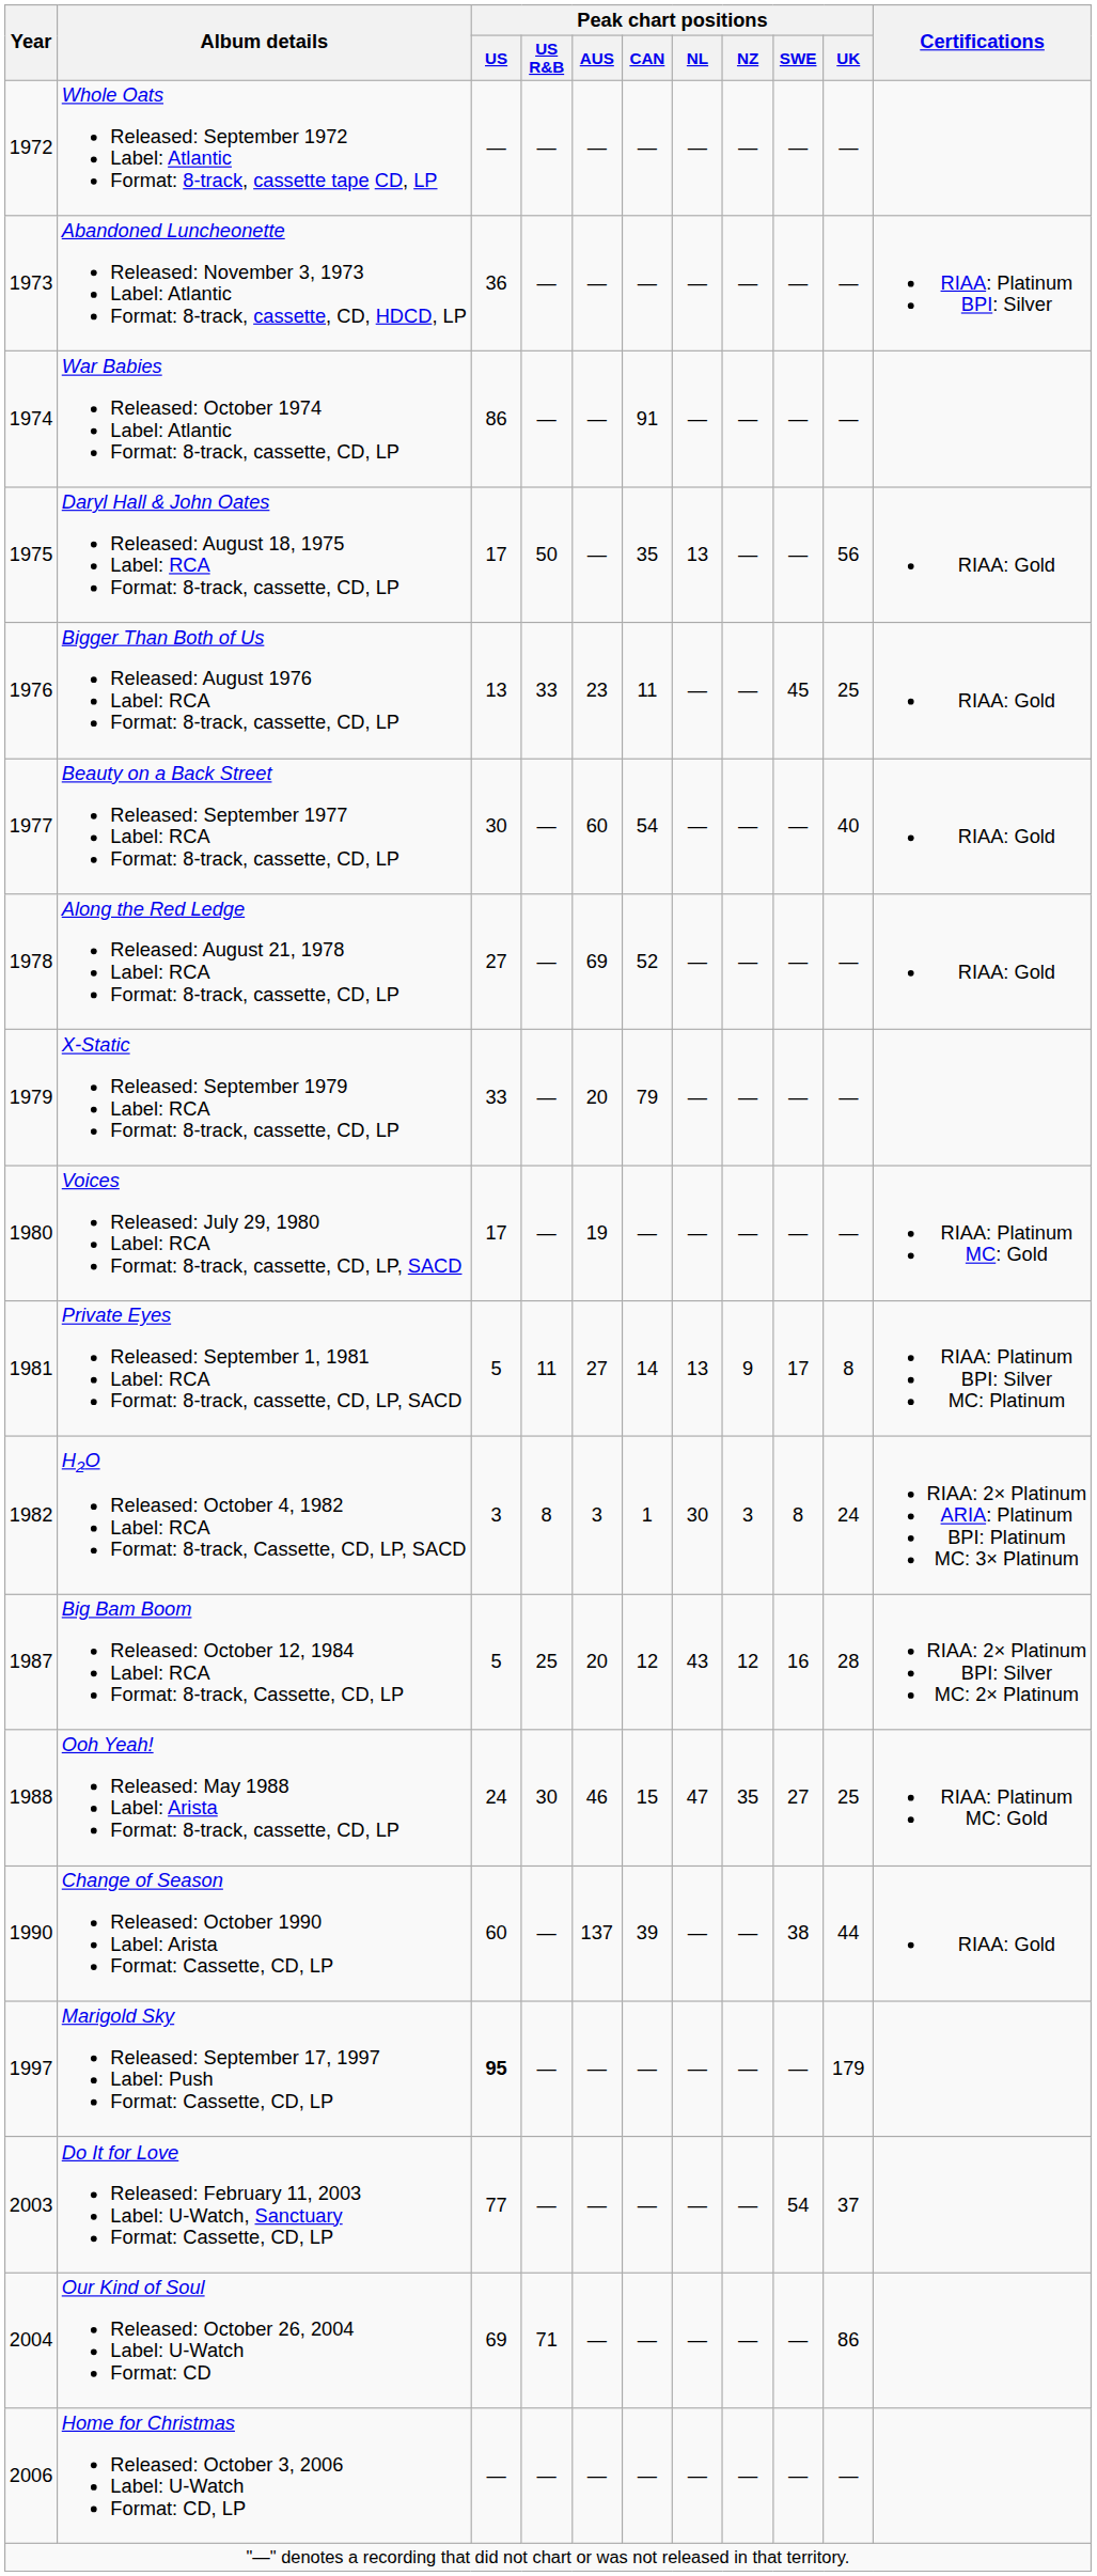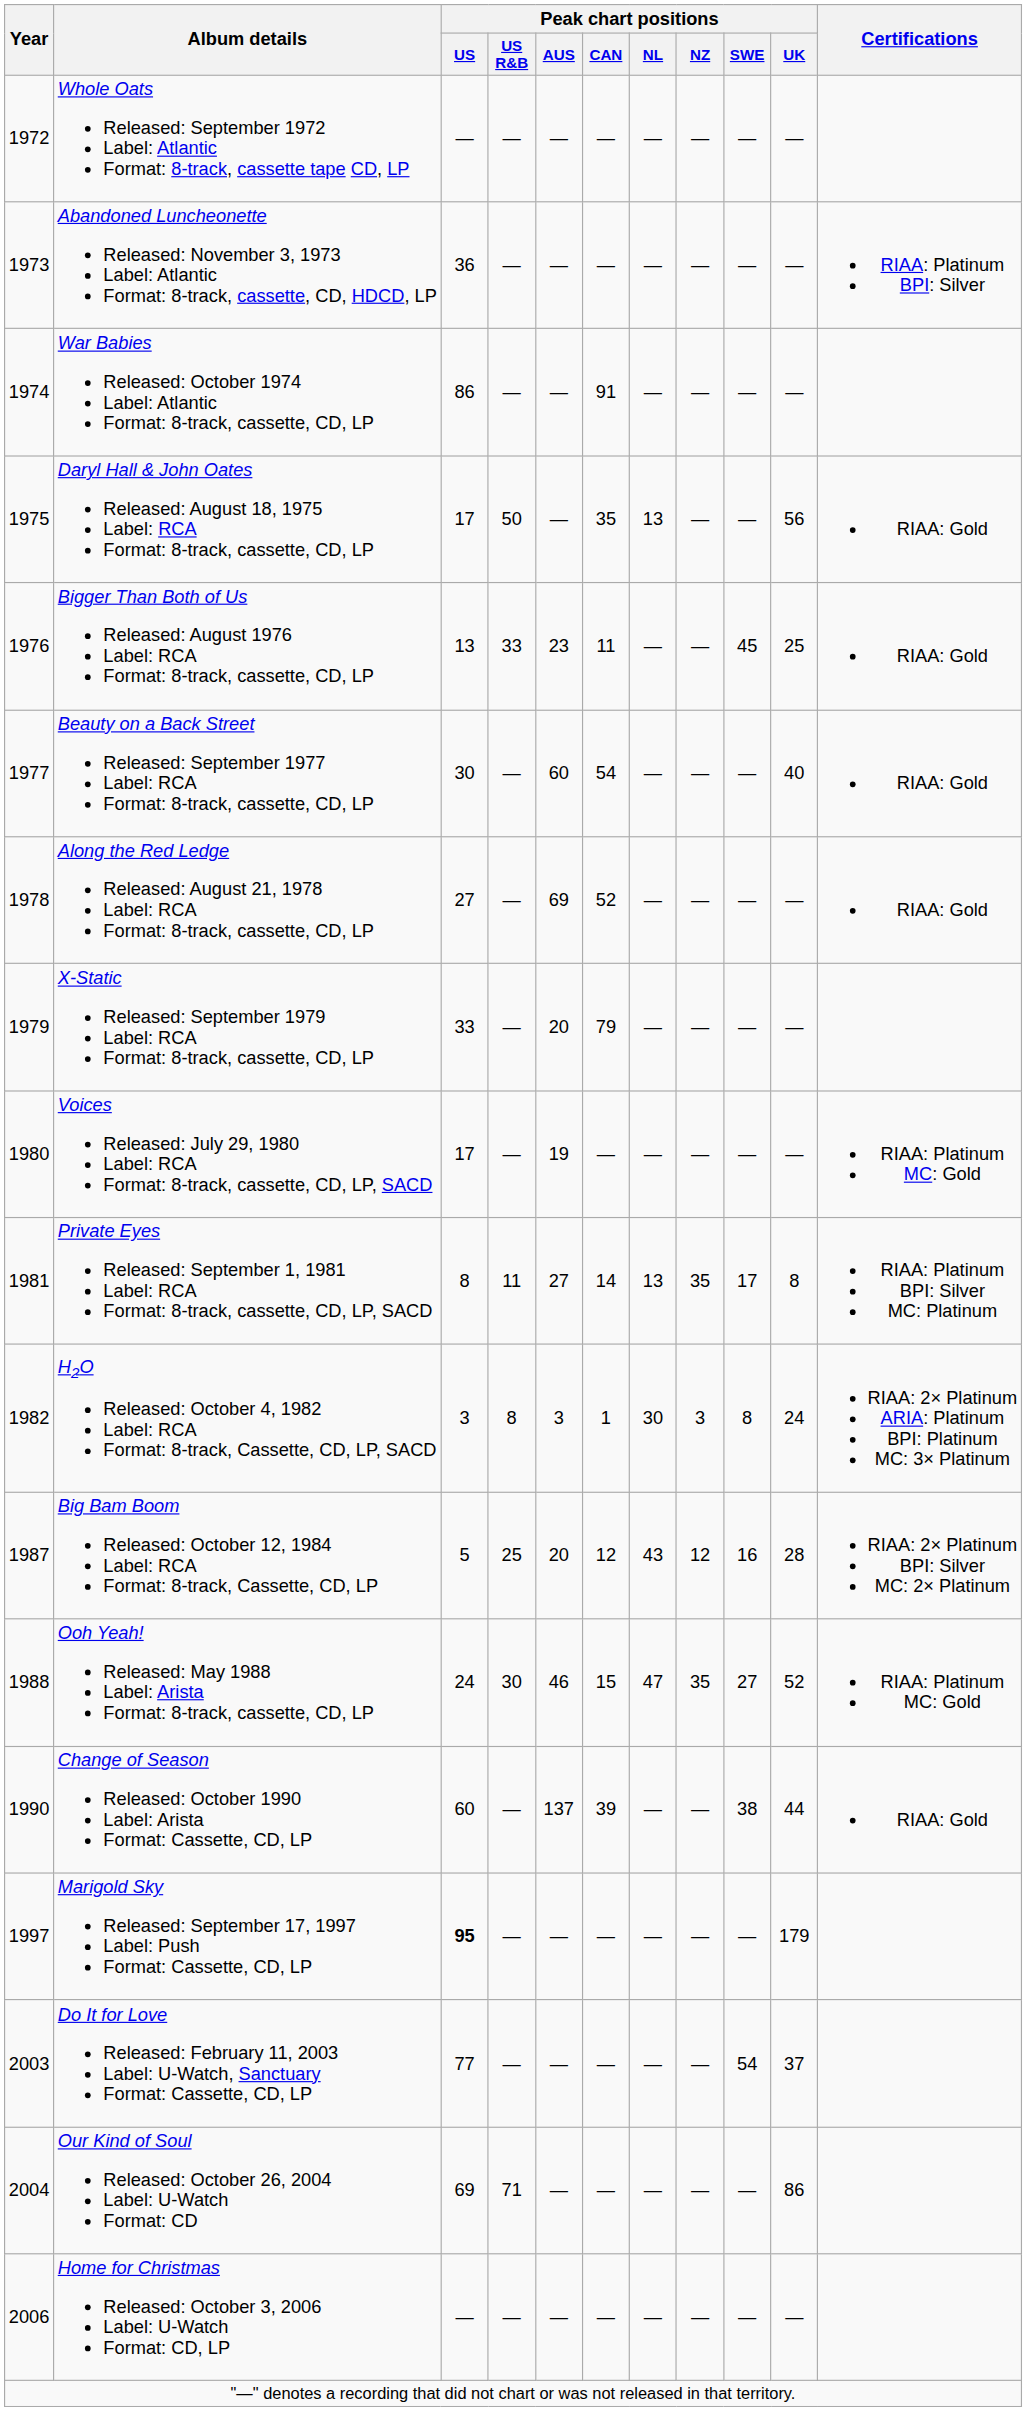 <table class="wikitable" style="text-align:center;">
 <tr>
 <th rowspan="2">Year</th>
 <th rowspan="2">Album details</th>
 <th colspan="8">Peak chart positions</th>
 <th rowspan="2"><a href='#'>Certifications</a></th>
 </tr>
 <tr style="font-size:smaller;">
 <th width="35"><a href='#'>US</a><br></th>
 <th width="35"><a href='#'>US<br>R&B</a><br></th>
 <th width="35"><a href='#'>AUS</a><br></th>
 <th width="35"><a href='#'>CAN</a><br></th>
 <th width="35"><a href='#'>NL</a><br></th>
 <th width="35"><a href='#'>NZ</a><br></th>
 <th width="35"><a href='#'>SWE</a><br></th>
 <th width="35"><a href='#'>UK</a><br></th>
 </tr>
 <tr>
 <td>1972</td>
 <td align="left"><em><a href='#'>Whole Oats</a></em><br><ul><li>Released: September 1972</li><li>Label: <a href='#'>Atlantic</a></li><li>Format: <a href='#'>8-track</a>, <a href='#'>cassette tape</a> <a href='#'>CD</a>, <a href='#'>LP</a></li></ul></td>
 <td>—</td>
 <td>—</td>
 <td>—</td>
 <td>—</td>
 <td>—</td>
 <td>—</td>
 <td>—</td>
 <td>—</td>
 <td></td>
 </tr>
 <tr>
 <td>1973</td>
 <td align="left"><em><a href='#'>Abandoned Luncheonette</a></em><br><ul><li>Released: November 3, 1973</li><li>Label: Atlantic</li><li>Format: 8-track, <a href='#'>cassette</a>, CD, <a href='#'>HDCD</a>, LP</li></ul></td>
 <td>36</td>
 <td>—</td>
 <td>—</td>
 <td>—</td>
 <td>—</td>
 <td>—</td>
 <td>—</td>
 <td>—</td>
 <td><br><ul><li><a href='#'>RIAA</a>: Platinum</li><li><a href='#'>BPI</a>: Silver</li></ul></td>
 </tr>
 <tr>
 <td>1974</td>
 <td align="left"><em><a href='#'>War Babies</a></em><br><ul><li>Released: October 1974</li><li>Label: Atlantic</li><li>Format: 8-track, cassette, CD, LP</li></ul></td>
 <td>86</td>
 <td>—</td>
 <td>—</td>
 <td>91</td>
 <td>—</td>
 <td>—</td>
 <td>—</td>
 <td>—</td>
 <td></td>
 </tr>
 <tr>
 <td>1975</td>
 <td align="left"><em><a href='#'>Daryl Hall & John Oates</a></em><br><ul><li>Released: August 18, 1975</li><li>Label: <a href='#'>RCA</a></li><li>Format: 8-track, cassette, CD, LP</li></ul></td>
 <td>17</td>
 <td>50</td>
 <td>—</td>
 <td>35</td>
 <td>13</td>
 <td>—</td>
 <td>—</td>
 <td>56</td>
 <td><br><ul><li>RIAA: Gold</li></ul></td>
 </tr>
 <tr>
 <td>1976</td>
 <td align="left"><em><a href='#'>Bigger Than Both of Us</a></em><br><ul><li>Released: August 1976</li><li>Label: RCA</li><li>Format: 8-track, cassette, CD, LP</li></ul></td>
 <td>13</td>
 <td>33</td>
 <td>23</td>
 <td>11</td>
 <td>—</td>
 <td>—</td>
 <td>45</td>
 <td>25</td>
 <td><br><ul><li>RIAA: Gold</li></ul></td>
 </tr>
 <tr>
 <td>1977</td>
 <td align="left"><em><a href='#'>Beauty on a Back Street</a></em><br><ul><li>Released: September 1977</li><li>Label: RCA</li><li>Format: 8-track, cassette, CD, LP</li></ul></td>
 <td>30</td>
 <td>—</td>
 <td>60</td>
 <td>54</td>
 <td>—</td>
 <td>—</td>
 <td>—</td>
 <td>40</td>
 <td><br><ul><li>RIAA: Gold</li></ul></td>
 </tr>
 <tr>
 <td>1978</td>
 <td align="left"><em><a href='#'>Along the Red Ledge</a></em><br><ul><li>Released: August 21, 1978</li><li>Label: RCA</li><li>Format: 8-track, cassette, CD, LP</li></ul></td>
 <td>27</td>
 <td>—</td>
 <td>69</td>
 <td>52</td>
 <td>—</td>
 <td>—</td>
 <td>—</td>
 <td>—</td>
 <td><br><ul><li>RIAA: Gold</li></ul></td>
 </tr>
 <tr>
 <td>1979</td>
 <td align="left"><em><a href='#'>X-Static</a></em><br><ul><li>Released: September 1979</li><li>Label: RCA</li><li>Format: 8-track, cassette, CD, LP</li></ul></td>
 <td>33</td>
 <td>—</td>
 <td>20</td>
 <td>79</td>
 <td>—</td>
 <td>—</td>
 <td>—</td>
 <td>—</td>
 <td></td>
 </tr>
 <tr>
 <td>1980</td>
 <td align="left"><em><a href='#'>Voices</a></em><br><ul><li>Released: July 29, 1980</li><li>Label: RCA</li><li>Format: 8-track, cassette, CD, LP, <a href='#'>SACD</a></li></ul></td>
 <td>17</td>
 <td>—</td>
 <td>19</td>
 <td>—</td>
 <td>—</td>
 <td>—</td>
 <td>—</td>
 <td>—</td>
 <td><br><ul><li>RIAA: Platinum</li><li><a href='#'>MC</a>: Gold</li></ul></td>
 </tr>
 <tr>
 <td>1981</td>
 <td align="left"><em><a href='#'>Private Eyes</a></em><br><ul><li>Released: September 1, 1981</li><li>Label: RCA</li><li>Format: 8-track, cassette, CD, LP, SACD</li></ul></td>
-<td>5</td>
+<td>8</td>
 <td>11</td>
 <td>27</td>
 <td>14</td>
 <td>13</td>
-<td>9</td>
+<td>35</td>
 <td>17</td>
 <td>8</td>
 <td><br><ul><li>RIAA: Platinum</li><li>BPI: Silver</li><li>MC: Platinum</li></ul></td>
 </tr>
 <tr>
 <td>1982</td>
 <td align="left"><em><a href='#'>H<sub>2</sub>O</a></em><br><ul><li>Released: October 4, 1982</li><li>Label: RCA</li><li>Format: 8-track, Cassette, CD, LP, SACD</li></ul></td>
 <td>3</td>
 <td>8</td>
 <td>3</td>
 <td>1</td>
 <td>30</td>
 <td>3</td>
 <td>8</td>
 <td>24</td>
 <td><br><ul><li>RIAA: 2× Platinum</li><li><a href='#'>ARIA</a>: Platinum</li><li>BPI: Platinum</li><li>MC: 3× Platinum</li></ul></td>
 </tr>
 <tr>
 <td>1987</td>
 <td align="left"><em><a href='#'>Big Bam Boom</a></em><br><ul><li>Released: October 12, 1984</li><li>Label: RCA</li><li>Format: 8-track, Cassette, CD, LP</li></ul></td>
 <td>5</td>
 <td>25</td>
 <td>20</td>
 <td>12</td>
 <td>43</td>
 <td>12</td>
 <td>16</td>
 <td>28</td>
 <td><br><ul><li>RIAA: 2× Platinum</li><li>BPI: Silver</li><li>MC: 2× Platinum</li></ul></td>
 </tr>
 <tr>
 <td>1988</td>
 <td align="left"><em><a href='#'>Ooh Yeah!</a></em><br><ul><li>Released: May 1988</li><li>Label: <a href='#'>Arista</a></li><li>Format: 8-track, cassette, CD, LP</li></ul></td>
 <td>24</td>
 <td>30</td>
 <td>46</td>
 <td>15</td>
 <td>47</td>
 <td>35</td>
 <td>27</td>
-<td>25</td>
+<td>52</td>
 <td><br><ul><li>RIAA: Platinum</li><li>MC: Gold</li></ul></td>
 </tr>
 <tr>
 <td>1990</td>
 <td align="left"><em><a href='#'>Change of Season</a></em><br><ul><li>Released: October 1990</li><li>Label: Arista</li><li>Format: Cassette, CD, LP</li></ul></td>
 <td>60</td>
 <td>—</td>
 <td>137</td>
 <td>39</td>
 <td>—</td>
 <td>—</td>
 <td>38</td>
 <td>44</td>
 <td><br><ul><li>RIAA: Gold</li></ul></td>
 </tr>
 <tr>
 <td>1997</td>
 <td align="left"><em><a href='#'>Marigold Sky</a></em><br><ul><li>Released: September 17, 1997</li><li>Label: Push</li><li>Format: Cassette, CD, LP</li></ul></td>
 <td><strong>95</strong></td>
 <td>—</td>
 <td>—</td>
 <td>—</td>
 <td>—</td>
 <td>—</td>
 <td>—</td>
 <td>179</td>
 <td></td>
 </tr>
 <tr>
 <td>2003</td>
 <td align="left"><em><a href='#'>Do It for Love</a></em><br><ul><li>Released: February 11, 2003</li><li>Label: U-Watch, <a href='#'>Sanctuary</a></li><li>Format: Cassette, CD, LP</li></ul></td>
 <td>77</td>
 <td>—</td>
 <td>—</td>
 <td>—</td>
 <td>—</td>
 <td>—</td>
 <td>54</td>
 <td>37</td>
 <td></td>
 </tr>
 <tr>
 <td>2004</td>
 <td align="left"><em><a href='#'>Our Kind of Soul</a></em><br><ul><li>Released: October 26, 2004</li><li>Label: U-Watch</li><li>Format: CD</li></ul></td>
 <td>69</td>
 <td>71</td>
 <td>—</td>
 <td>—</td>
 <td>—</td>
 <td>—</td>
 <td>—</td>
 <td>86</td>
 <td></td>
 </tr>
 <tr>
 <td>2006</td>
 <td align="left"><em><a href='#'>Home for Christmas</a></em><br><ul><li>Released: October 3, 2006</li><li>Label: U-Watch</li><li>Format: CD, LP</li></ul></td>
 <td>—</td>
 <td>—</td>
 <td>—</td>
 <td>—</td>
 <td>—</td>
 <td>—</td>
 <td>—</td>
 <td>—</td>
 <td></td>
 </tr>
 <tr>
 <td colspan="14" style="font-size:90%">"—" denotes a recording that did not chart or was not released in that territory.</td>
 </tr>
 </table>
